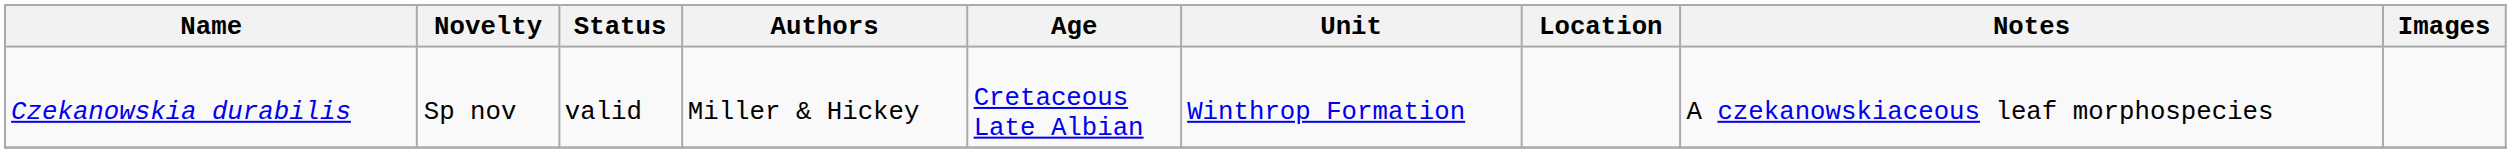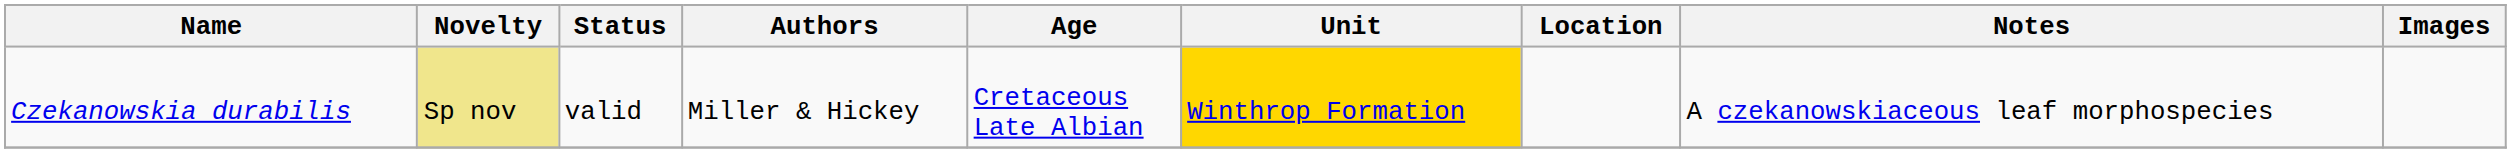 <table class="wikitable sortable" align="center" width="100%">
 <tr>
 <th>Name</th>
 <th>Novelty</th>
 <th>Status</th>
 <th>Authors</th>
 <th>Age</th>
 <th>Unit</th>
 <th>Location</th>
 <th>Notes</th>
 <th>Images</th>
 </tr>
 <tr>
 <td><br><em><a href='#'>Czekanowskia durabilis</a></em></td>
-<td><br>Sp nov</td>
+<td style="background: khaki;"><br>Sp nov</td>
 <td><br>valid</td>
 <td><br>Miller & Hickey</td>
 <td><br><a href='#'>Cretaceous</a><br><a href='#'>Late Albian</a></td>
-<td><br><a href='#'>Winthrop Formation</a></td>
+<td style="background: gold;"><br><a href='#'>Winthrop Formation</a></td>
 <td><br><br></td>
 <td><br>A <a href='#'>czekanowskiaceous</a> leaf morphospecies</td>
 <td></td>
 </tr>
 <tr>
 </tr>
 </table>
